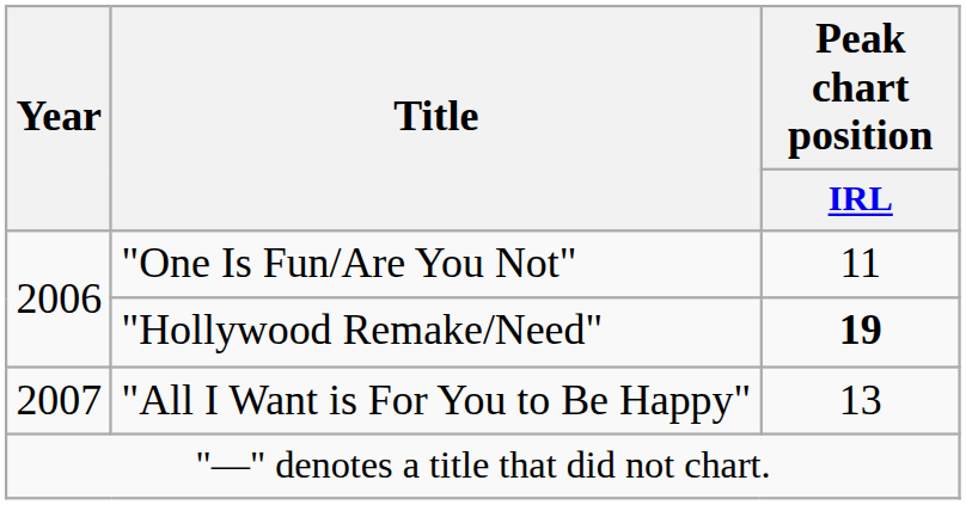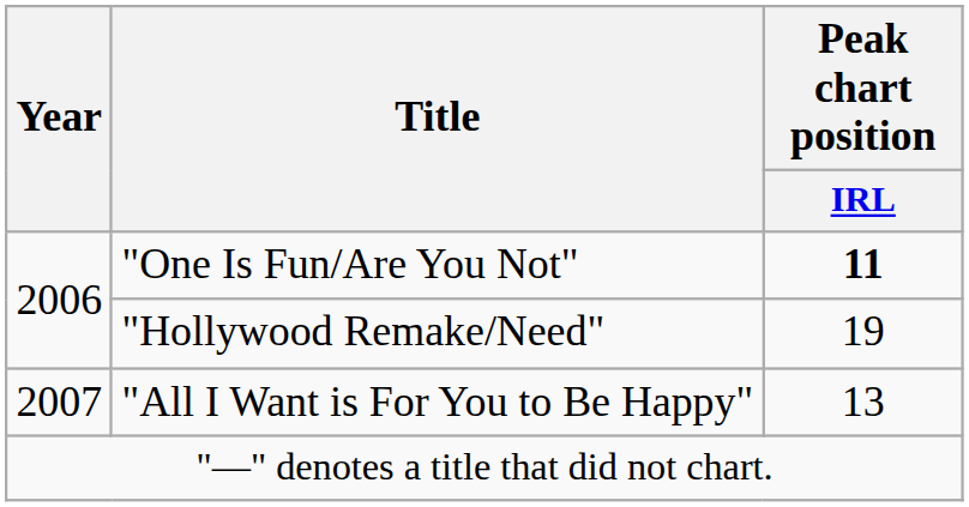 <table class="wikitable" style="text-align:center;">
 <tr>
 <th rowspan=2>Year</th>
 <th rowspan=2>Title</th>
 <th>Peak chart position</th>
 </tr>
 <tr>
 <th style="width:5em;font-size:85%"><a href='#'>IRL</a><br></th>
 </tr>
 <tr>
 <td rowspan="2">2006</td>
 <td style="text-align:left;">"One Is Fun/Are You Not"</td>
-<td>11</td>
+<td><strong>11</strong></td>
 </tr>
 <tr>
 <td style="text-align:left;">"Hollywood Remake/Need"</td>
-<td><strong>19</strong></td>
+<td>19</td>
 </tr>
 <tr>
 <td>2007</td>
 <td style="text-align:left;">"All I Want is For You to Be Happy"</td>
 <td>13</td>
 </tr>
 <tr>
 <td colspan="3" style="font-size:90%">"—" denotes a title that did not chart.</td>
 </tr>
 </table>
